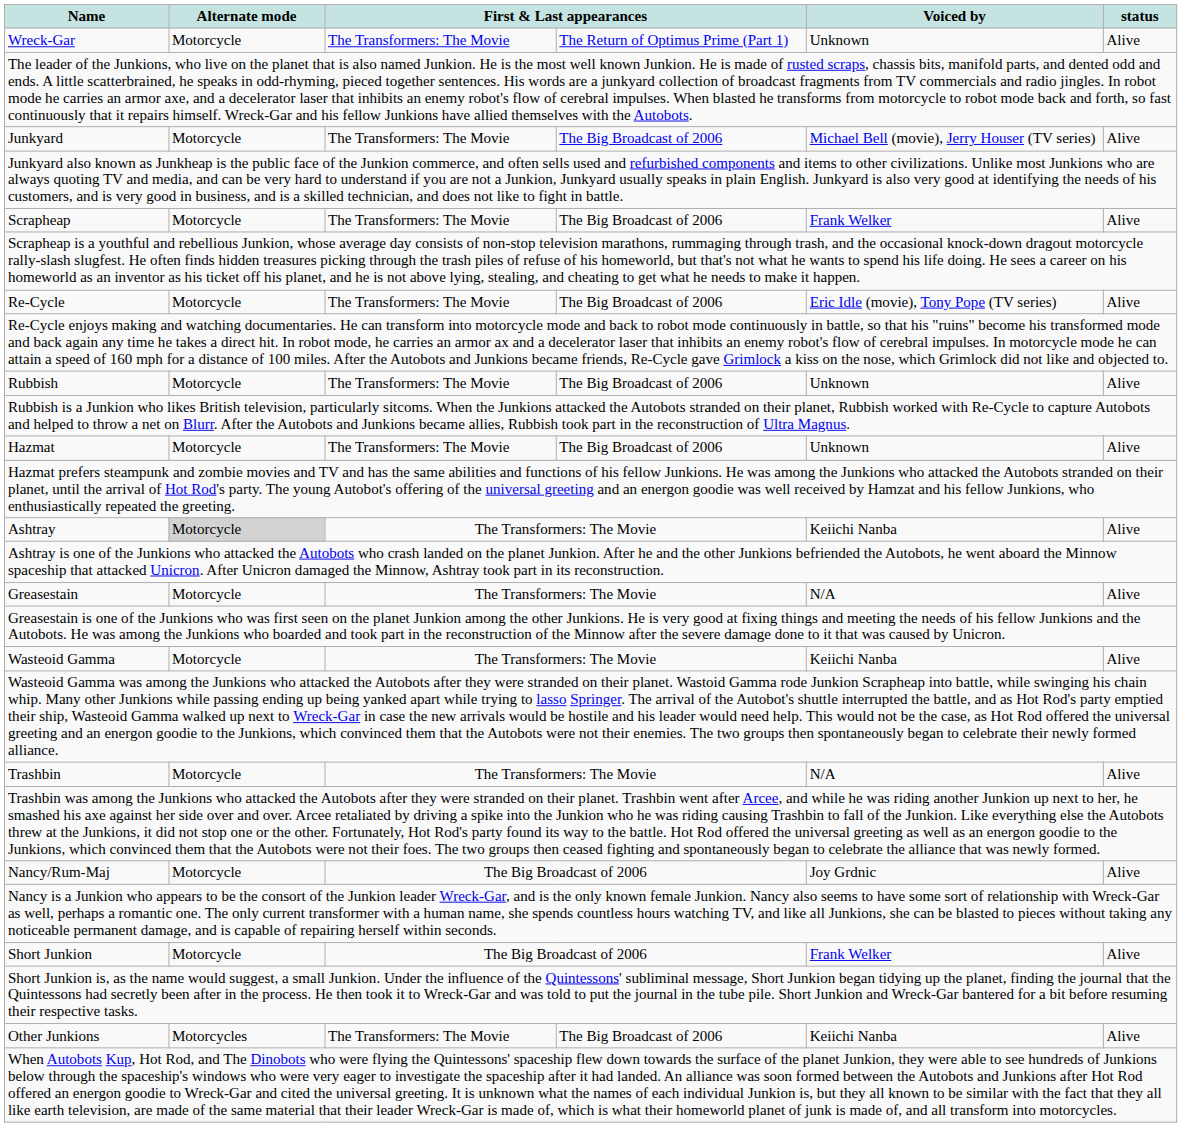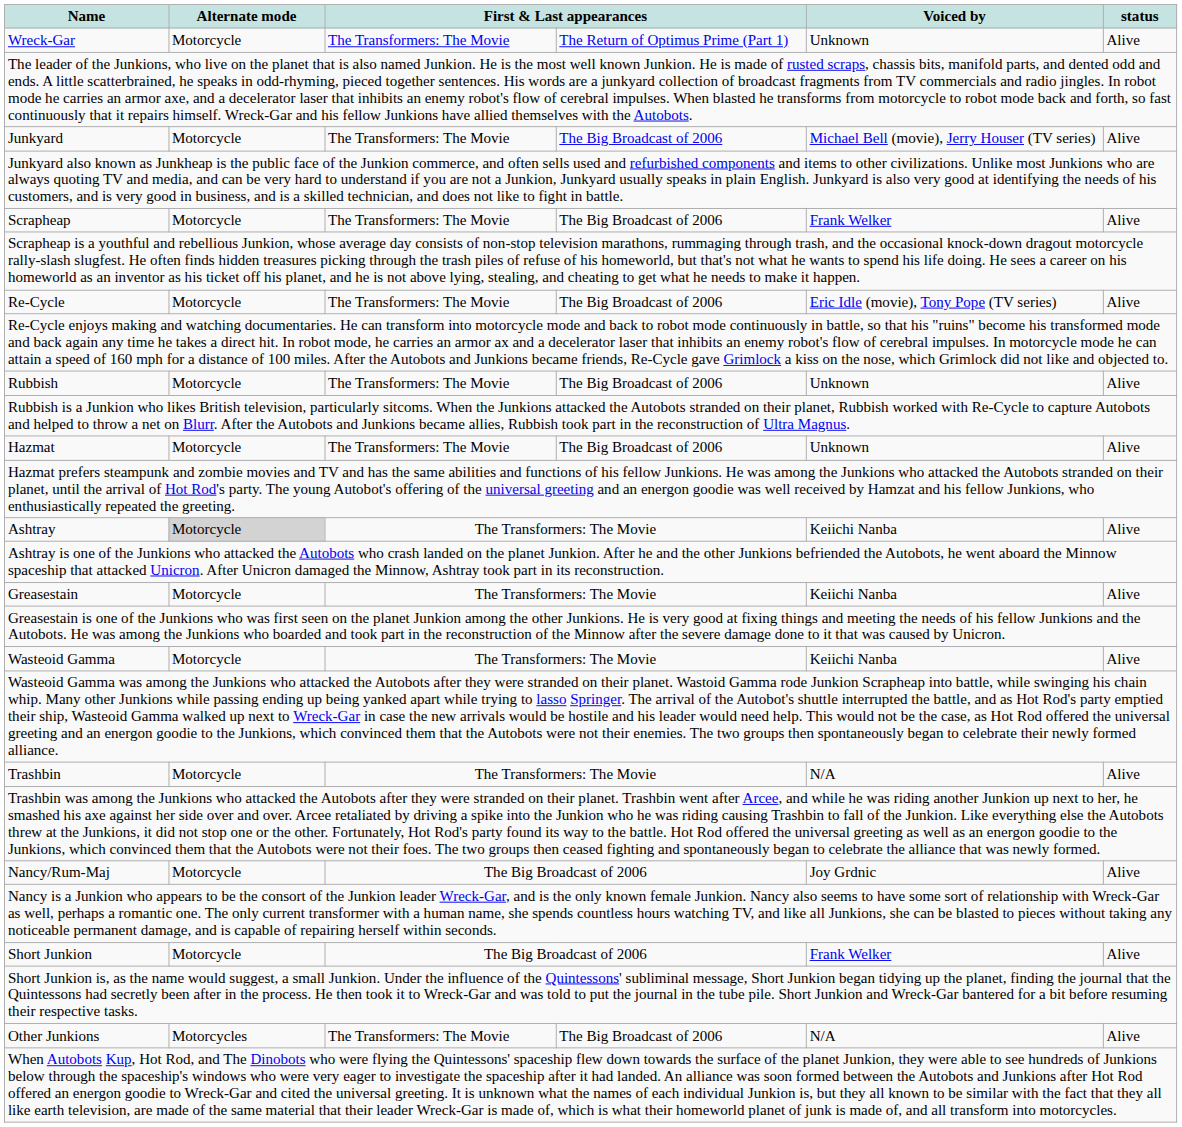 <table class="wikitable">
 <tr>
 <th style="background-color: #C5E4E1">Name</th>
 <th style="background-color: #C5E4E1">Alternate mode</th>
 <th colspan="2" align="center" style="background-color: #C5E4E1">First & Last appearances</th>
 <th style="background-color: #C5E4E1">Voiced by</th>
 <th style="background-color: #C5E4E1">status</th>
 </tr>
 <tr>
 <td><a href='#'>Wreck-Gar</a></td>
 <td>Motorcycle</td>
 <td><a href='#'>The Transformers: The Movie</a></td>
 <td><a href='#'>The Return of Optimus Prime (Part 1)</a></td>
 <td>Unknown</td>
 <td>Alive</td>
 </tr>
 <tr>
 <td colspan="6" valign="top">The leader of the Junkions, who live on the planet that is also named Junkion. He is the most well known Junkion. He is made of <a href='#'>rusted scraps</a>, chassis bits, manifold parts, and dented odd and ends. A little scatterbrained, he speaks in odd-rhyming, pieced together sentences. His words are a junkyard collection of broadcast fragments from TV commercials and radio jingles. In robot mode he carries an armor axe, and a decelerator laser that inhibits an enemy robot's flow of cerebral impulses. When blasted he transforms from motorcycle to robot mode back and forth, so fast continuously that it repairs himself. Wreck-Gar and his fellow Junkions have allied themselves with the <a href='#'>Autobots</a>.</td>
 </tr>
 <tr>
 <td>Junkyard</td>
 <td>Motorcycle</td>
 <td>The Transformers: The Movie</td>
 <td><a href='#'>The Big Broadcast of 2006</a></td>
 <td><a href='#'>Michael Bell</a> (movie), <a href='#'>Jerry Houser</a> (TV series)</td>
 <td>Alive</td>
 </tr>
 <tr>
 <td colspan="6" valign="top">Junkyard also known as Junkheap is the public face of the Junkion commerce, and often sells used and <a href='#'>refurbished components</a> and items to other civilizations. Unlike most Junkions who are always quoting TV and media, and can be very hard to understand if you are not a Junkion, Junkyard usually speaks in plain English. Junkyard is also very good at identifying the needs of his customers, and is very good in business, and is a skilled technician, and does not like to fight in battle.</td>
 </tr>
 <tr>
 <td>Scrapheap</td>
 <td>Motorcycle</td>
 <td>The Transformers: The Movie</td>
 <td>The Big Broadcast of 2006</td>
 <td><a href='#'>Frank Welker</a></td>
 <td>Alive</td>
 </tr>
 <tr>
 <td colspan="6" valign="top">Scrapheap is a youthful and rebellious Junkion, whose average day consists of non-stop television marathons, rummaging through trash, and the occasional knock-down dragout motorcycle rally-slash slugfest. He often finds hidden treasures picking through the trash piles of refuse of his homeworld, but that's not what he wants to spend his life doing. He sees a career on his homeworld as an inventor as his ticket off his planet, and he is not above lying, stealing, and cheating to get what he needs to make it happen.</td>
 </tr>
 <tr>
 <td>Re-Cycle</td>
 <td>Motorcycle</td>
 <td>The Transformers: The Movie</td>
 <td>The Big Broadcast of 2006</td>
 <td><a href='#'>Eric Idle</a> (movie), <a href='#'>Tony Pope</a> (TV series)</td>
 <td>Alive</td>
 </tr>
 <tr>
 <td colspan="6" valign="top">Re-Cycle enjoys making and watching documentaries. He can transform into motorcycle mode and back to robot mode continuously in battle, so that his "ruins" become his transformed mode and back again any time he takes a direct hit. In robot mode, he carries an armor ax and a decelerator laser that inhibits an enemy robot's flow of cerebral impulses. In motorcycle mode he can attain a speed of 160 mph for a distance of 100 miles. After the Autobots and Junkions became friends, Re-Cycle gave <a href='#'>Grimlock</a> a kiss on the nose, which Grimlock did not like and objected to.</td>
 </tr>
 <tr>
 <td>Rubbish</td>
 <td>Motorcycle</td>
 <td>The Transformers: The Movie</td>
 <td>The Big Broadcast of 2006</td>
 <td>Unknown</td>
 <td>Alive</td>
 </tr>
 <tr>
 <td colspan="6" valign="top">Rubbish is a Junkion who likes British television, particularly sitcoms. When the Junkions attacked the Autobots stranded on their planet, Rubbish worked with Re-Cycle to capture Autobots and helped to throw a net on <a href='#'>Blurr</a>. After the Autobots and Junkions became allies, Rubbish took part in the reconstruction of <a href='#'>Ultra Magnus</a>.</td>
 </tr>
 <tr>
 <td>Hazmat</td>
 <td>Motorcycle</td>
 <td>The Transformers: The Movie</td>
 <td>The Big Broadcast of 2006</td>
 <td>Unknown</td>
 <td>Alive</td>
 </tr>
 <tr>
 <td colspan="6" valign="top">Hazmat prefers steampunk and zombie movies and TV and has the same abilities and functions of his fellow Junkions. He was among the Junkions who attacked the Autobots stranded on their planet, until the arrival of <a href='#'>Hot Rod</a>'s party. The young Autobot's offering of the <a href='#'>universal greeting</a> and an energon goodie was well received by Hamzat and his fellow Junkions, who enthusiastically repeated the greeting.</td>
 </tr>
 <tr>
 <td>Ashtray</td>
 <td style="background: lightgrey;">Motorcycle</td>
 <td colspan="2" align="center">The Transformers: The Movie</td>
 <td>Keiichi Nanba</td>
 <td>Alive</td>
 </tr>
 <tr>
 <td colspan="6" valign="top">Ashtray is one of the Junkions who attacked the <a href='#'>Autobots</a> who crash landed on the planet Junkion. After he and the other Junkions befriended the Autobots, he went aboard the Minnow spaceship that attacked <a href='#'>Unicron</a>. After Unicron damaged the Minnow, Ashtray took part in its reconstruction.</td>
 </tr>
 <tr>
 <td>Greasestain</td>
 <td>Motorcycle</td>
 <td colspan="2" align="center">The Transformers: The Movie</td>
-<td>N/A</td>
+<td>Keiichi Nanba</td>
 <td>Alive</td>
 </tr>
 <tr>
 <td colspan="6" valign="top">Greasestain is one of the Junkions who was first seen on the planet Junkion among the other Junkions. He is very good at fixing things and meeting the needs of his fellow Junkions and the Autobots. He was among the Junkions who boarded and took part in the reconstruction of the Minnow after the severe damage done to it that was caused by Unicron.</td>
 </tr>
 <tr>
 <td>Wasteoid Gamma</td>
 <td>Motorcycle</td>
 <td colspan="2" align="center">The Transformers: The Movie</td>
 <td>Keiichi Nanba</td>
 <td>Alive</td>
 </tr>
 <tr>
 <td colspan="6" valign="top">Wasteoid Gamma was among the Junkions who attacked the Autobots after they were stranded on their planet. Wastoid Gamma rode Junkion Scrapheap into battle, while swinging his chain whip. Many other Junkions while passing ending up being yanked apart while trying to <a href='#'>lasso</a> <a href='#'>Springer</a>. The arrival of the Autobot's shuttle interrupted the battle, and as Hot Rod's party emptied their ship, Wasteoid Gamma walked up next to <a href='#'>Wreck-Gar</a> in case the new arrivals would be hostile and his leader would need help. This would not be the case, as Hot Rod offered the universal greeting and an energon goodie to the Junkions, which convinced them that the Autobots were not their enemies. The two groups then spontaneously began to celebrate their newly formed alliance.</td>
 </tr>
 <tr>
 <td>Trashbin</td>
 <td>Motorcycle</td>
 <td colspan="2" align="center">The Transformers: The Movie</td>
 <td>N/A</td>
 <td>Alive</td>
 </tr>
 <tr>
 <td colspan="6" valign="top">Trashbin was among the Junkions who attacked the Autobots after they were stranded on their planet. Trashbin went after <a href='#'>Arcee</a>, and while he was riding another Junkion up next to her, he smashed his axe against her side over and over. Arcee retaliated by driving a spike into the Junkion who he was riding causing Trashbin to fall of the Junkion. Like everything else the Autobots threw at the Junkions, it did not stop one or the other. Fortunately, Hot Rod's party found its way to the battle. Hot Rod offered the universal greeting as well as an energon goodie to the Junkions, which convinced them that the Autobots were not their foes. The two groups then ceased fighting and spontaneously began to celebrate the alliance that was newly formed.</td>
 </tr>
 <tr>
 <td>Nancy/Rum-Maj</td>
 <td>Motorcycle</td>
 <td colspan="2" align="center">The Big Broadcast of 2006</td>
 <td>Joy Grdnic</td>
 <td>Alive</td>
 </tr>
 <tr>
 <td colspan="6" valign="top">Nancy is a Junkion who appears to be the consort of the Junkion leader <a href='#'>Wreck-Gar</a>, and is the only known female Junkion. Nancy also seems to have some sort of relationship with Wreck-Gar as well, perhaps a romantic one. The only current transformer with a human name, she spends countless hours watching TV, and like all Junkions, she can be blasted to pieces without taking any noticeable permanent damage, and is capable of repairing herself within seconds.</td>
 </tr>
 <tr>
 <td>Short Junkion</td>
 <td>Motorcycle</td>
 <td colspan="2" align="center">The Big Broadcast of 2006</td>
 <td><a href='#'>Frank Welker</a></td>
 <td>Alive</td>
 </tr>
 <tr>
 <td colspan="6" valign="top">Short Junkion is, as the name would suggest, a small Junkion. Under the influence of the <a href='#'>Quintessons</a>' subliminal message, Short Junkion began tidying up the planet, finding the journal that the Quintessons had secretly been after in the process. He then took it to Wreck-Gar and was told to put the journal in the tube pile. Short Junkion and Wreck-Gar bantered for a bit before resuming their respective tasks.</td>
 </tr>
 <tr>
 <td>Other Junkions</td>
 <td>Motorcycles</td>
 <td>The Transformers: The Movie</td>
 <td>The Big Broadcast of 2006</td>
-<td>Keiichi Nanba</td>
+<td>N/A</td>
 <td>Alive</td>
 </tr>
 <tr>
 <td colspan="6" valign="top">When <a href='#'>Autobots</a> <a href='#'>Kup</a>, Hot Rod, and The <a href='#'>Dinobots</a> who were flying the Quintessons' spaceship flew down towards the surface of the planet Junkion, they were able to see hundreds of Junkions below through the spaceship's windows who were very eager to investigate the spaceship after it had landed. An alliance was soon formed between the Autobots and Junkions after Hot Rod offered an energon goodie to Wreck-Gar and cited the universal greeting. It is unknown what the names of each individual Junkion is, but they all known to be similar with the fact that they all like earth television, are made of the same material that their leader Wreck-Gar is made of, which is what their homeworld planet of junk is made of, and all transform into motorcycles.</td>
 </tr>
 </table>
